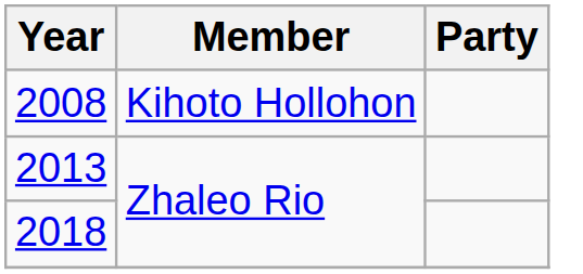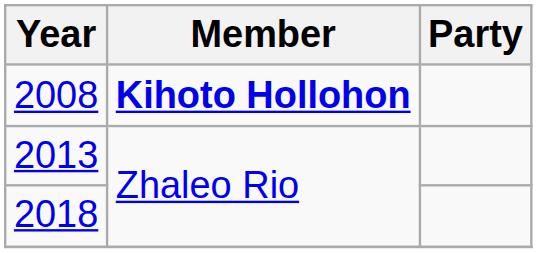 <table class="wikitable sortable">
 <tr>
 <th>Year</th>
 <th>Member</th>
 <th colspan="2">Party</th>
 </tr>
 <tr>
 <td><a href='#'>2008</a></td>
-<td><a href='#'>Kihoto Hollohon</a></td>
+<td><strong><a href='#'>Kihoto Hollohon</a></strong></td>
 <td></td>
 </tr>
 <tr>
 <td><a href='#'>2013</a></td>
 <td rowspan=2><a href='#'>Zhaleo Rio</a></td>
 <td></td>
 </tr>
 <tr>
 <td><a href='#'>2018</a></td>
 <td></td>
 </tr>
 <tr>
 </tr>
 </table>
